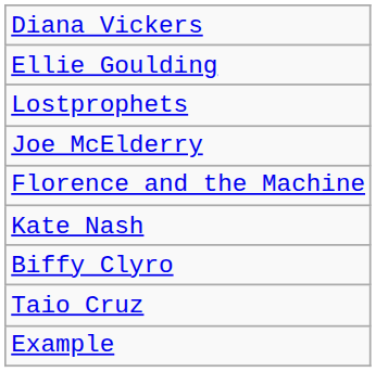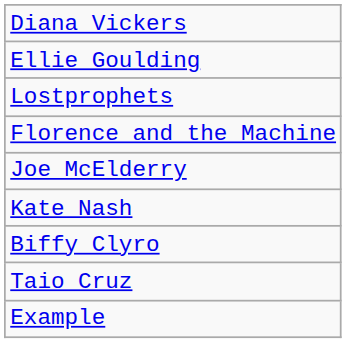 <table class="wikitable">
 <tr>
 <td><a href='#'>Diana Vickers</a></td>
 </tr>
 <tr>
 <td><a href='#'>Ellie Goulding</a></td>
 </tr>
 <tr>
 <td><a href='#'>Lostprophets</a></td>
 </tr>
 <tr>
-<td><a href='#'>Joe McElderry</a></td>
+<td><a href='#'>Florence and the Machine</a></td>
 </tr>
 <tr>
-<td><a href='#'>Florence and the Machine</a></td>
+<td><a href='#'>Joe McElderry</a></td>
 </tr>
 <tr>
 <td><a href='#'>Kate Nash</a></td>
 </tr>
 <tr>
 <td><a href='#'>Biffy Clyro</a></td>
 </tr>
 <tr>
 <td><a href='#'>Taio Cruz</a></td>
 </tr>
 <tr>
 <td><a href='#'>Example</a></td>
 </tr>
 </table>
